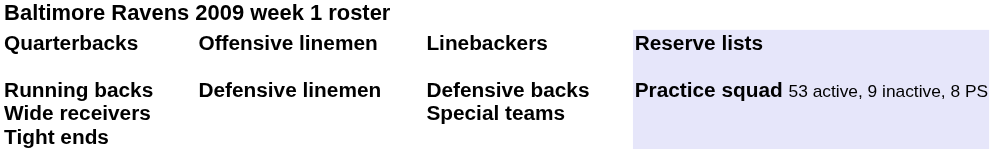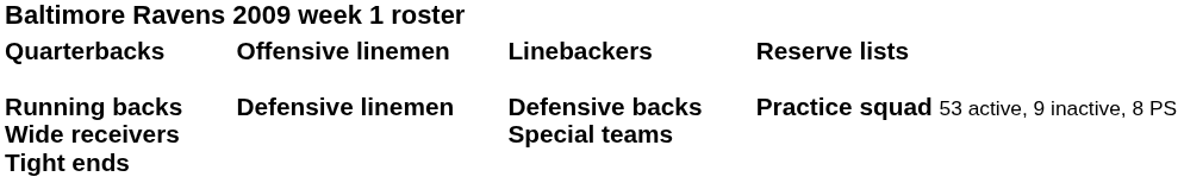 <table class="toccolours" style="text-align:left">
 <tr>
 <th colspan="9"><strong>Baltimore Ravens 2009 week 1 roster</strong></th>
 </tr>
 <tr>
 <td style="font-size:95%;vertical-align:top"><strong>Quarterbacks</strong><br>  <br><strong>Running backs</strong>     <br><strong>Wide receivers</strong>    <br><strong>Tight ends</strong>   </td>
 <td style="width:25px"></td>
 <td style="font-size:95%;vertical-align:top"><strong>Offensive linemen</strong><br>        <br><strong>Defensive linemen</strong>       </td>
 <td style="width:25px"></td>
 <td style="font-size:95%;vertical-align:top"><strong>Linebackers</strong><br>         <br><strong>Defensive backs</strong>         <br><strong>Special teams</strong>   </td>
 <td style="width:25px"></td>
-<td style="background: lavender; font-size:95%;vertical-align:top"><strong>Reserve lists</strong><br>        <br><strong>Practice squad</strong>         <small>53 active, 9 inactive, 8 PS</small></td>
+<td style="font-size:95%;vertical-align:top"><strong>Reserve lists</strong><br>        <br><strong>Practice squad</strong>         <small>53 active, 9 inactive, 8 PS</small></td>
 </tr>
 </table>
